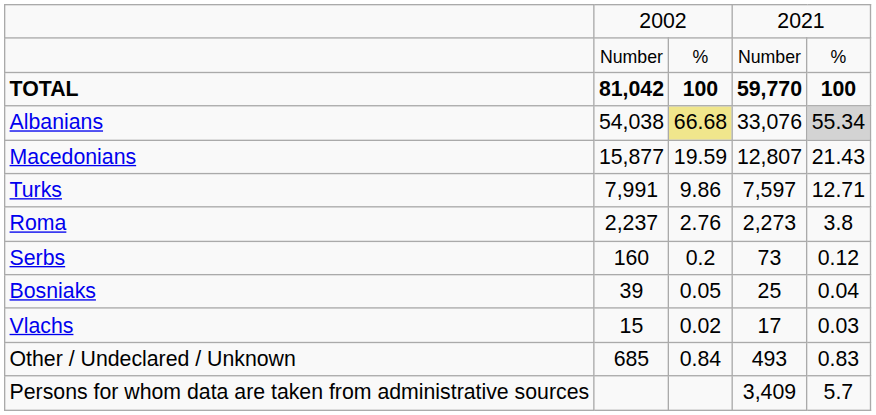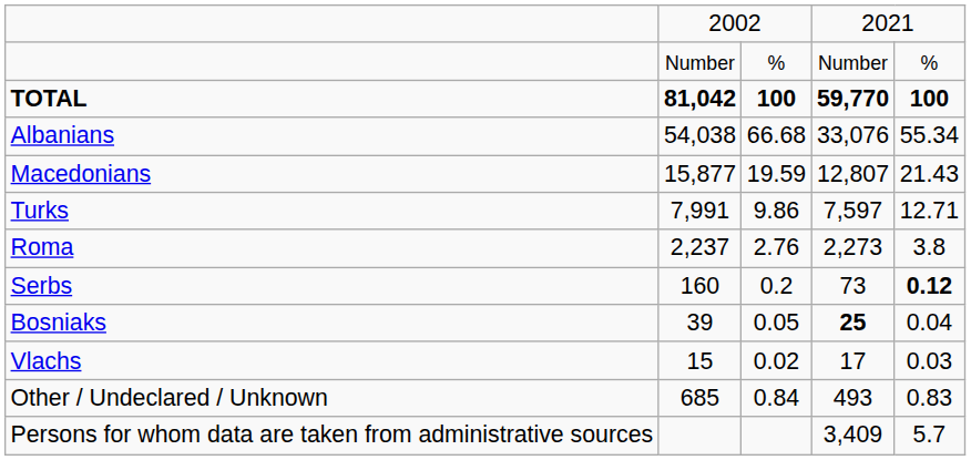 <table class="wikitable">
 <tr>
 <td></td>
 <td colspan="2" align="center">2002</td>
 <td colspan="2" align="center">2021</td>
 </tr>
 <tr>
 <td></td>
 <td align="center"><small>Number</small></td>
 <td align="center"><small>%</small></td>
 <td align="center"><small>Number</small></td>
 <td align="center"><small>%</small></td>
 </tr>
 <tr>
 <td><strong>TOTAL</strong></td>
 <td align="center"><strong>81,042</strong></td>
 <td align="center"><strong>100</strong></td>
 <td align="center"><strong>59,770</strong></td>
 <td align="center"><strong>100</strong></td>
 </tr>
 <tr>
 <td><a href='#'>Albanians</a></td>
 <td align="center">54,038</td>
-<td align="center" style="background: khaki;">66.68</td>
+<td align="center">66.68</td>
 <td align="center">33,076</td>
-<td align="center" style="background: lightgrey;">55.34</td>
+<td align="center">55.34</td>
 </tr>
 <tr>
 <td><a href='#'>Macedonians</a></td>
 <td align="center">15,877</td>
 <td align="center">19.59</td>
 <td align="center">12,807</td>
 <td align="center">21.43</td>
 </tr>
 <tr>
 <td><a href='#'>Turks</a></td>
 <td align="center">7,991</td>
 <td align="center">9.86</td>
 <td align="center">7,597</td>
 <td align="center">12.71</td>
 </tr>
 <tr>
 <td><a href='#'>Roma</a></td>
 <td align="center">2,237</td>
 <td align="center">2.76</td>
 <td align="center">2,273</td>
 <td align="center">3.8</td>
 </tr>
 <tr>
 <td><a href='#'>Serbs</a></td>
 <td align="center">160</td>
 <td align="center">0.2</td>
 <td align="center">73</td>
-<td align="center">0.12</td>
+<td align="center"><strong>0.12</strong></td>
 </tr>
 <tr>
 <td><a href='#'>Bosniaks</a></td>
 <td align="center">39</td>
 <td align="center">0.05</td>
-<td align="center">25</td>
+<td align="center"><strong>25</strong></td>
 <td align="center">0.04</td>
 </tr>
 <tr>
 <td><a href='#'>Vlachs</a></td>
 <td align="center">15</td>
 <td align="center">0.02</td>
 <td align="center">17</td>
 <td align="center">0.03</td>
 </tr>
 <tr>
 <td>Other / Undeclared / Unknown</td>
 <td align="center">685</td>
 <td align="center">0.84</td>
 <td align="center">493</td>
 <td align="center">0.83</td>
 </tr>
 <tr>
 <td>Persons for whom data are taken from administrative sources</td>
 <td align="center"></td>
 <td align="center"></td>
 <td align="center">3,409</td>
 <td align="center">5.7</td>
 </tr>
 </table>
